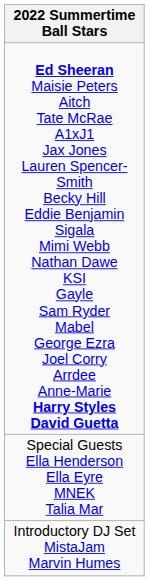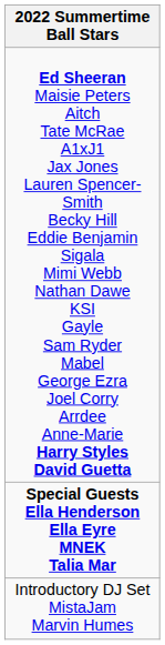 <table class="wikitable">
 <tr>
 <th>2022 Summertime Ball Stars</th>
 </tr>
 <tr>
 <td style="text-align:center; vertical-align:top; width:150px;"><br><a href='#'><strong>Ed Sheeran</strong></a><br><a href='#'>Maisie Peters</a><br><a href='#'>Aitch</a><br><a href='#'>Tate McRae</a><br><a href='#'>A1xJ1</a><br><a href='#'>Jax Jones</a><br><a href='#'>Lauren Spencer-Smith</a><br><a href='#'>Becky Hill</a><br><a href='#'>Eddie Benjamin</a><br><a href='#'>Sigala</a><br><a href='#'>Mimi Webb</a><br><a href='#'>Nathan Dawe</a><br><a href='#'>KSI</a><br><a href='#'>Gayle</a><br><a href='#'>Sam Ryder</a><br><a href='#'>Mabel</a><br><a href='#'>George Ezra</a><br><a href='#'>Joel Corry</a><br><a href='#'>Arrdee</a><br><a href='#'>Anne-Marie</a><br><strong><a href='#'>Harry Styles</a><br><a href='#'>David Guetta</a></strong></td>
 </tr>
 <tr>
-<td style="text-align:center; vertical-align:top; width:150px;">Special Guests<br><a href='#'>Ella Henderson</a><br><a href='#'>Ella Eyre</a> <br><a href='#'>MNEK</a><br><a href='#'>Talia Mar</a></td>
+<td style="text-align:center; vertical-align:top; width:150px;"><strong>Special Guests<br><a href='#'>Ella Henderson</a><br><a href='#'>Ella Eyre</a> <br><a href='#'>MNEK</a><br><a href='#'>Talia Mar</a></strong></td>
 </tr>
 <tr>
 <td style="text-align:center; vertical-align:top; width:150px;">Introductory DJ Set<br><a href='#'>MistaJam</a><br><a href='#'>Marvin Humes</a></td>
 </tr>
 </table>
